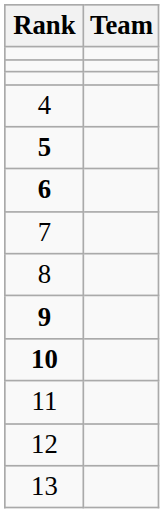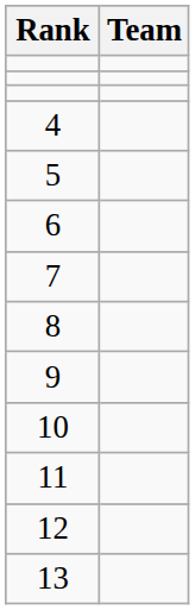 <table class="wikitable" style="text-align: center;">
 <tr>
 <th width=40>Rank</th>
 <th>Team</th>
 </tr>
 <tr>
 <td></td>
 <td align=left></td>
 </tr>
 <tr>
 <td></td>
 <td align=left></td>
 </tr>
 <tr>
 <td></td>
 <td align=left></td>
 </tr>
 <tr align=center>
 <td>4</td>
 <td align=left></td>
 </tr>
 <tr align=center>
-<td><strong>5</strong></td>
+<td>5</td>
 <td align=left></td>
 </tr>
 <tr align=center>
-<td><strong>6</strong></td>
+<td>6</td>
 <td align=left></td>
 </tr>
 <tr align=center>
 <td>7</td>
 <td align=left></td>
 </tr>
 <tr align=center>
 <td>8</td>
 <td align=left></td>
 </tr>
 <tr align=center>
-<td><strong>9</strong></td>
+<td>9</td>
 <td align=left></td>
 </tr>
 <tr align=center>
-<td><strong>10</strong></td>
+<td>10</td>
 <td align=left></td>
 </tr>
 <tr align=center>
 <td>11</td>
 <td align=left></td>
 </tr>
 <tr align=center>
 <td>12</td>
 <td align=left></td>
 </tr>
 <tr align=center>
 <td>13</td>
 <td align=left></td>
 </tr>
 </table>
